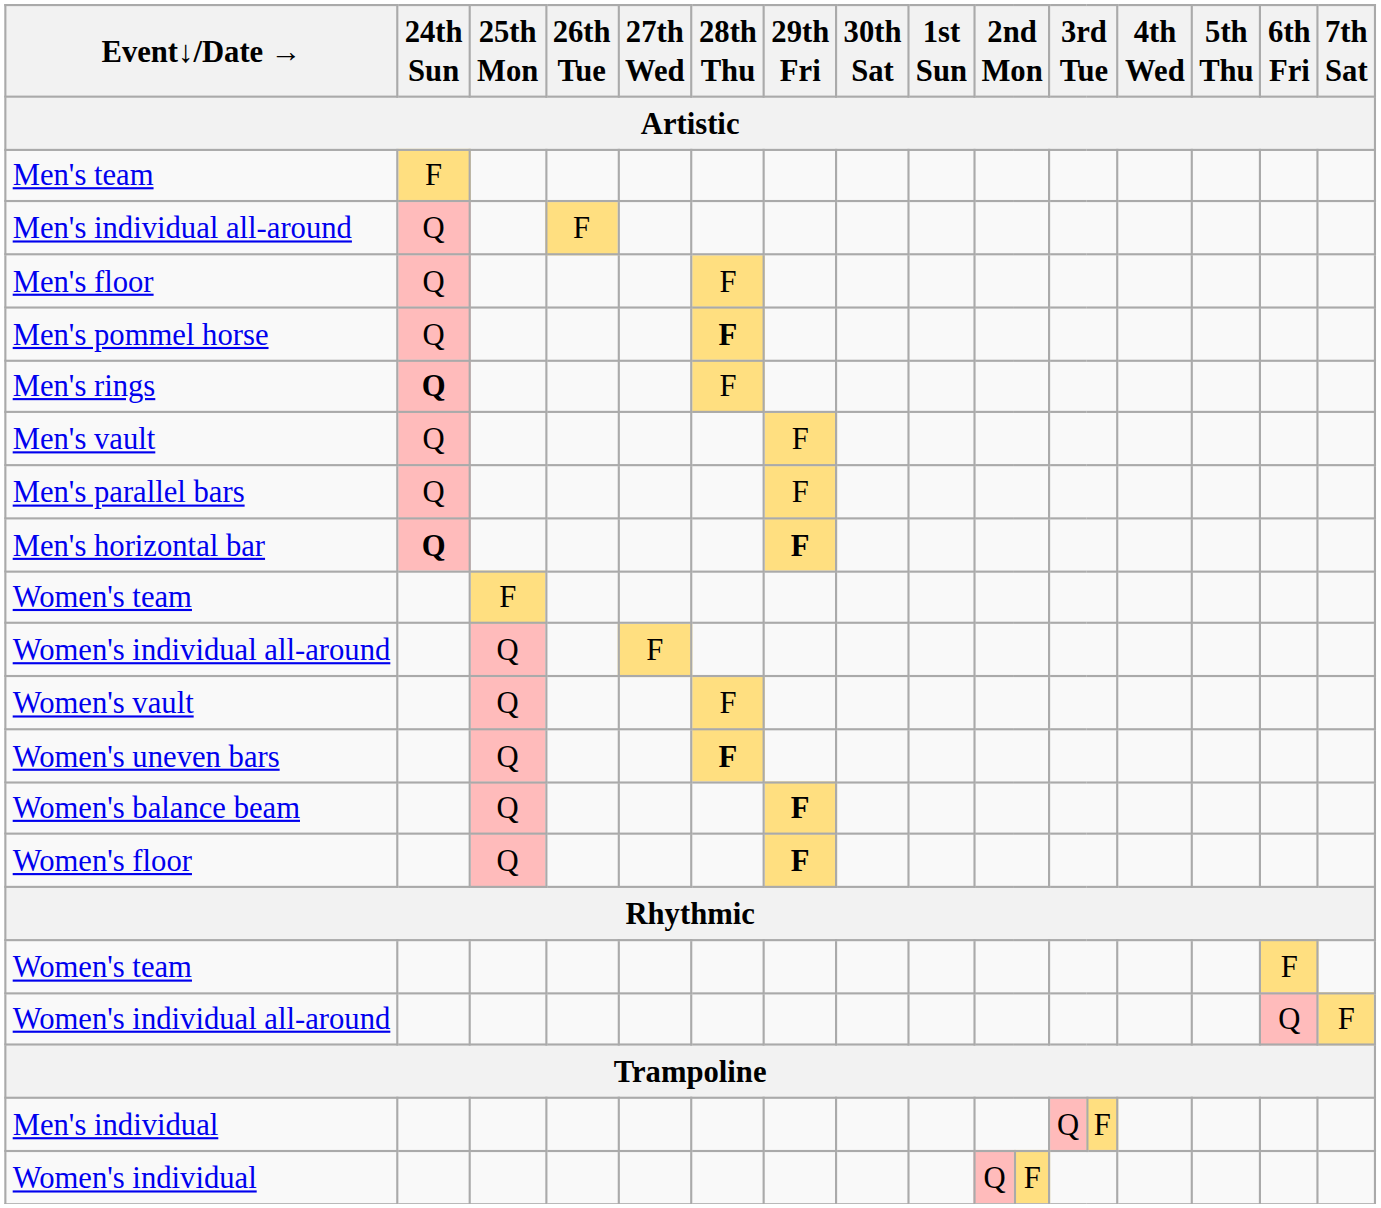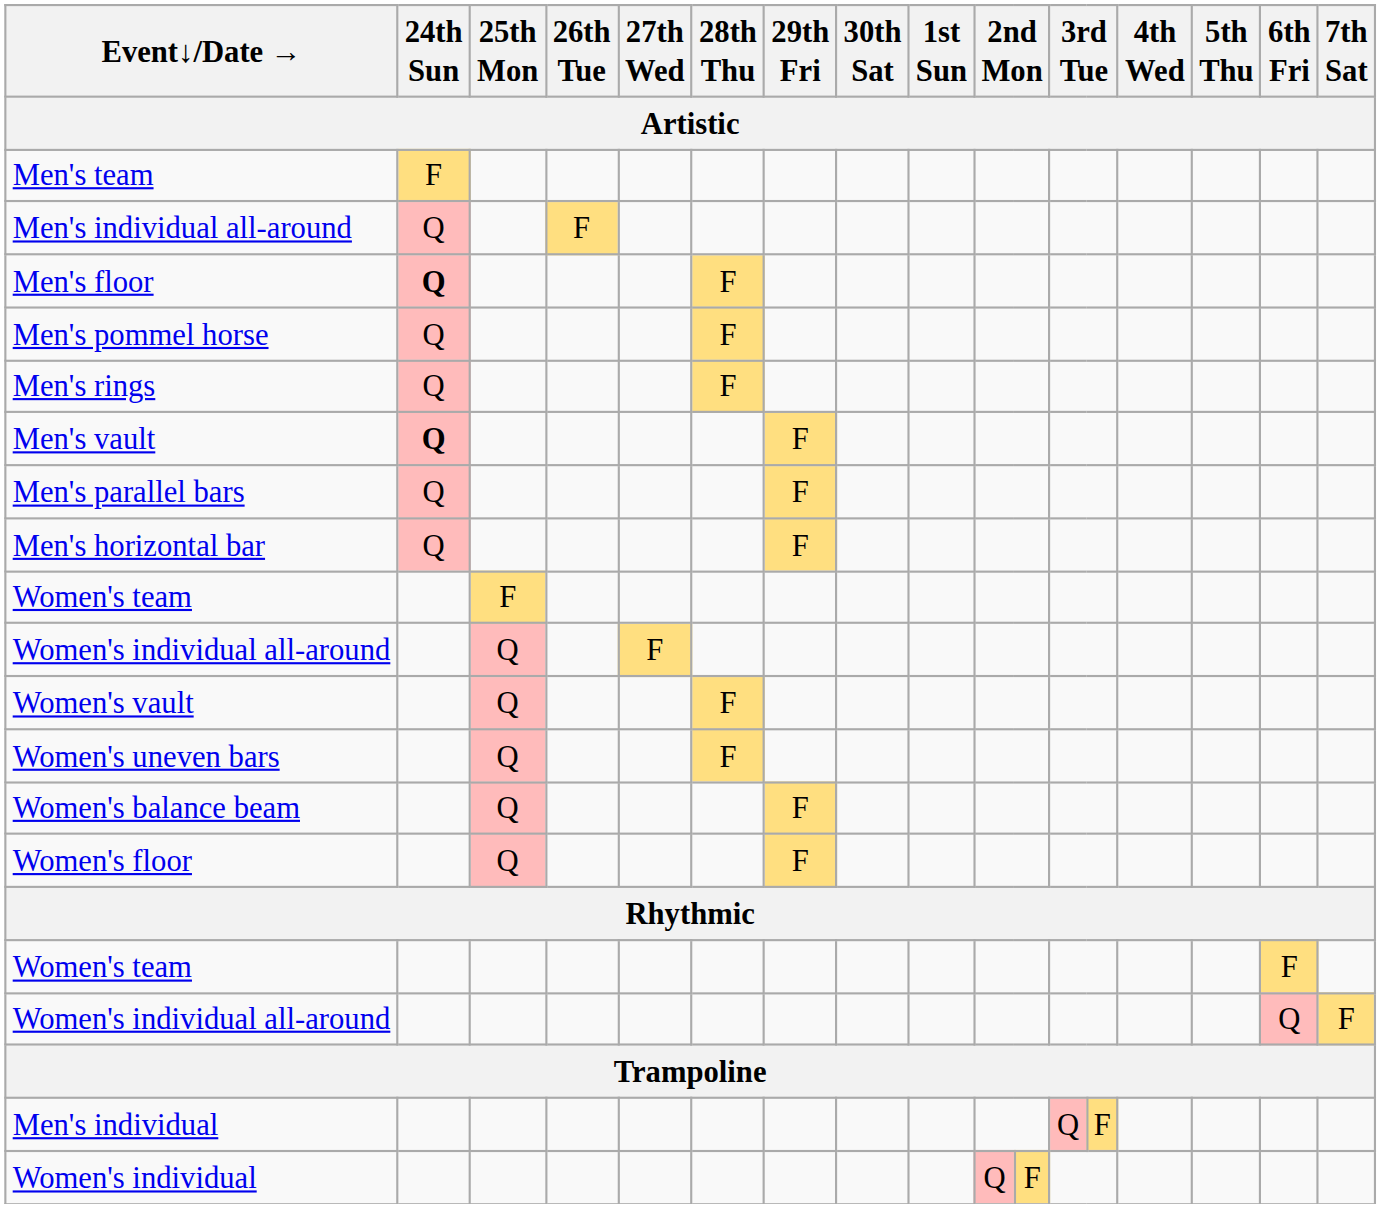 <table class="wikitable" style="margin:0.5em auto; font-size:90%; line-height:1.25em; text-align:center;">
 <tr>
 <th>Event↓/Date →</th>
 <th>24th<br>Sun</th>
 <th>25th<br>Mon</th>
 <th>26th<br>Tue</th>
 <th>27th<br>Wed</th>
 <th>28th<br>Thu</th>
 <th>29th<br>Fri</th>
 <th>30th<br>Sat</th>
 <th>1st<br>Sun</th>
 <th colspan=2>2nd<br>Mon</th>
 <th colspan=2>3rd<br>Tue</th>
 <th>4th<br>Wed</th>
 <th>5th<br>Thu</th>
 <th>6th<br>Fri</th>
 <th>7th<br>Sat</th>
 </tr>
 <tr>
 <th colspan=17>Artistic</th>
 </tr>
 <tr>
 <td align="left"><a href='#'>Men's team</a></td>
 <td bgcolor="#FFDF80">F</td>
 <td></td>
 <td></td>
 <td></td>
 <td></td>
 <td></td>
 <td></td>
 <td></td>
 <td colspan=2></td>
 <td colspan=2></td>
 <td></td>
 <td></td>
 <td></td>
 <td></td>
 </tr>
 <tr>
 <td align="left"><a href='#'>Men's individual all-around</a></td>
 <td bgcolor="#FFBBBB">Q</td>
 <td></td>
 <td bgcolor="#FFDF80">F</td>
 <td></td>
 <td></td>
 <td></td>
 <td></td>
 <td></td>
 <td colspan=2></td>
 <td colspan=2></td>
 <td></td>
 <td></td>
 <td></td>
 <td></td>
 </tr>
 <tr>
 <td align="left"><a href='#'>Men's floor</a></td>
-<td bgcolor="#FFBBBB">Q</td>
+<td bgcolor="#FFBBBB"><strong>Q</strong></td>
 <td></td>
 <td></td>
 <td></td>
 <td bgcolor="#FFDF80">F</td>
 <td></td>
 <td></td>
 <td></td>
 <td colspan=2></td>
 <td colspan=2></td>
 <td></td>
 <td></td>
 <td></td>
 <td></td>
 </tr>
 <tr>
 <td align="left"><a href='#'>Men's pommel horse</a></td>
 <td bgcolor="#FFBBBB">Q</td>
 <td></td>
 <td></td>
 <td></td>
-<td bgcolor="#FFDF80"><strong>F</strong></td>
+<td bgcolor="#FFDF80">F</td>
 <td></td>
 <td></td>
 <td></td>
 <td colspan=2></td>
 <td colspan=2></td>
 <td></td>
 <td></td>
 <td></td>
 <td></td>
 </tr>
 <tr>
 <td align="left"><a href='#'>Men's rings</a></td>
-<td bgcolor="#FFBBBB"><strong>Q</strong></td>
+<td bgcolor="#FFBBBB">Q</td>
 <td></td>
 <td></td>
 <td></td>
 <td bgcolor="#FFDF80">F</td>
 <td></td>
 <td></td>
 <td></td>
 <td colspan=2></td>
 <td colspan=2></td>
 <td></td>
 <td></td>
 <td></td>
 <td></td>
 </tr>
 <tr>
 <td align="left"><a href='#'>Men's vault</a></td>
-<td bgcolor="#FFBBBB">Q</td>
+<td bgcolor="#FFBBBB"><strong>Q</strong></td>
 <td></td>
 <td></td>
 <td></td>
 <td></td>
 <td bgcolor="#FFDF80">F</td>
 <td></td>
 <td></td>
 <td colspan=2></td>
 <td colspan=2></td>
 <td></td>
 <td></td>
 <td></td>
 <td></td>
 </tr>
 <tr>
 <td align="left"><a href='#'>Men's parallel bars</a></td>
 <td bgcolor="#FFBBBB">Q</td>
 <td></td>
 <td></td>
 <td></td>
 <td></td>
 <td bgcolor="#FFDF80">F</td>
 <td></td>
 <td></td>
 <td colspan=2></td>
 <td colspan=2></td>
 <td></td>
 <td></td>
 <td></td>
 <td></td>
 </tr>
 <tr>
 <td align="left"><a href='#'>Men's horizontal bar</a></td>
-<td bgcolor="#FFBBBB"><strong>Q</strong></td>
+<td bgcolor="#FFBBBB">Q</td>
 <td></td>
 <td></td>
 <td></td>
 <td></td>
-<td bgcolor="#FFDF80"><strong>F</strong></td>
+<td bgcolor="#FFDF80">F</td>
 <td></td>
 <td></td>
 <td colspan=2></td>
 <td colspan=2></td>
 <td></td>
 <td></td>
 <td></td>
 <td></td>
 </tr>
 <tr>
 <td align="left"><a href='#'>Women's team</a></td>
 <td></td>
 <td bgcolor="#FFDF80">F</td>
 <td></td>
 <td></td>
 <td></td>
 <td></td>
 <td></td>
 <td></td>
 <td colspan=2></td>
 <td colspan=2></td>
 <td></td>
 <td></td>
 <td></td>
 <td></td>
 </tr>
 <tr>
 <td align="left"><a href='#'>Women's individual all-around</a></td>
 <td></td>
 <td bgcolor="#FFBBBB">Q</td>
 <td></td>
 <td bgcolor="#FFDF80">F</td>
 <td></td>
 <td></td>
 <td></td>
 <td></td>
 <td colspan=2></td>
 <td colspan=2></td>
 <td></td>
 <td></td>
 <td></td>
 <td></td>
 </tr>
 <tr>
 <td align="left"><a href='#'>Women's vault</a></td>
 <td></td>
 <td bgcolor="#FFBBBB">Q</td>
 <td></td>
 <td></td>
 <td bgcolor="#FFDF80">F</td>
 <td></td>
 <td></td>
 <td></td>
 <td colspan=2></td>
 <td colspan=2></td>
 <td></td>
 <td></td>
 <td></td>
 <td></td>
 </tr>
 <tr>
 <td align="left"><a href='#'>Women's uneven bars</a></td>
 <td></td>
 <td bgcolor="#FFBBBB">Q</td>
 <td></td>
 <td></td>
-<td bgcolor="#FFDF80"><strong>F</strong></td>
+<td bgcolor="#FFDF80">F</td>
 <td></td>
 <td></td>
 <td></td>
 <td colspan=2></td>
 <td colspan=2></td>
 <td></td>
 <td></td>
 <td></td>
 <td></td>
 </tr>
 <tr>
 <td align="left"><a href='#'>Women's balance beam</a></td>
 <td></td>
 <td bgcolor="#FFBBBB">Q</td>
 <td></td>
 <td></td>
 <td></td>
-<td bgcolor="#FFDF80"><strong>F</strong></td>
+<td bgcolor="#FFDF80">F</td>
 <td></td>
 <td></td>
 <td colspan=2></td>
 <td colspan=2></td>
 <td></td>
 <td></td>
 <td></td>
 <td></td>
 </tr>
 <tr>
 <td align="left"><a href='#'>Women's floor</a></td>
 <td></td>
 <td bgcolor="#FFBBBB">Q</td>
 <td></td>
 <td></td>
 <td></td>
-<td bgcolor="#FFDF80"><strong>F</strong></td>
+<td bgcolor="#FFDF80">F</td>
 <td></td>
 <td></td>
 <td colspan=2></td>
 <td colspan=2></td>
 <td></td>
 <td></td>
 <td></td>
 <td></td>
 </tr>
 <tr>
 <th colspan=17>Rhythmic</th>
 </tr>
 <tr>
 <td align="left"><a href='#'>Women's team</a></td>
 <td></td>
 <td></td>
 <td></td>
 <td></td>
 <td></td>
 <td></td>
 <td></td>
 <td></td>
 <td colspan=2></td>
 <td colspan=2></td>
 <td></td>
 <td></td>
 <td bgcolor="#FFDF80">F</td>
 <td></td>
 </tr>
 <tr>
 <td align="left"><a href='#'>Women's individual all-around</a></td>
 <td></td>
 <td></td>
 <td></td>
 <td></td>
 <td></td>
 <td></td>
 <td></td>
 <td></td>
 <td colspan=2></td>
 <td colspan=2></td>
 <td></td>
 <td></td>
 <td bgcolor="#FFBBBB">Q</td>
 <td bgcolor="#FFDF80">F</td>
 </tr>
 <tr>
 <th colspan=17>Trampoline</th>
 </tr>
 <tr>
 <td align="left"><a href='#'>Men's individual</a></td>
 <td></td>
 <td></td>
 <td></td>
 <td></td>
 <td></td>
 <td></td>
 <td></td>
 <td></td>
 <td colspan=2></td>
 <td bgcolor="#FFBBBB">Q</td>
 <td bgcolor="#FFDF80">F</td>
 <td></td>
 <td></td>
 <td></td>
 <td></td>
 </tr>
 <tr>
 <td align="left"><a href='#'>Women's individual</a></td>
 <td></td>
 <td></td>
 <td></td>
 <td></td>
 <td></td>
 <td></td>
 <td></td>
 <td></td>
 <td bgcolor="#FFBBBB">Q</td>
 <td bgcolor="#FFDF80">F</td>
 <td colspan=2></td>
 <td></td>
 <td></td>
 <td></td>
 <td></td>
 </tr>
 </table>
